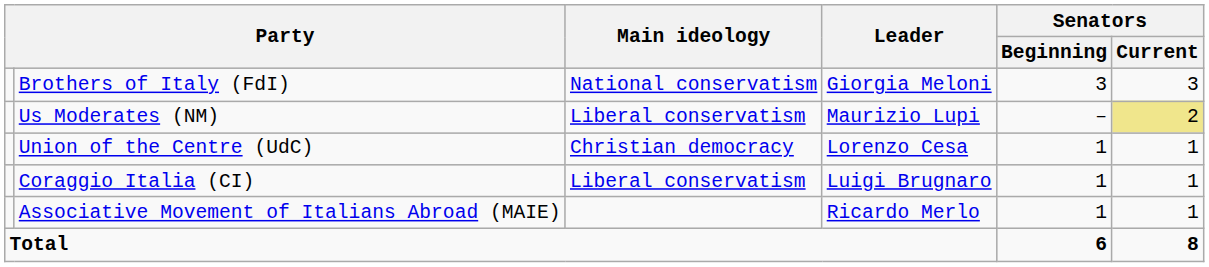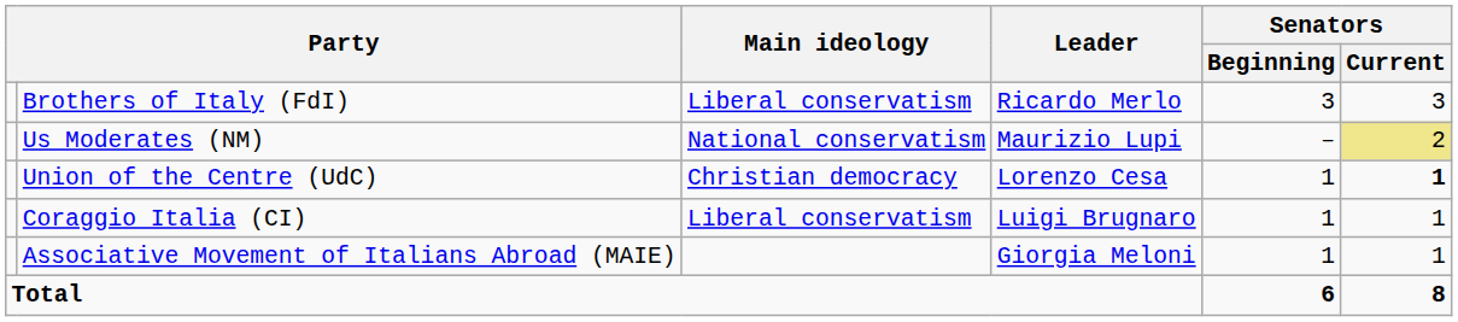 <table class="wikitable" style="font-size:100%">
 <tr>
 <th colspan="2" rowspan="2">Party</th>
 <th rowspan="2">Main ideology</th>
 <th rowspan="2">Leader</th>
 <th colspan="2">Senators</th>
 </tr>
 <tr>
 <th>Beginning</th>
 <th>Current</th>
 </tr>
 <tr>
 <td></td>
 <td><a href='#'>Brothers of Italy</a> (FdI)</td>
-<td><a href='#'>National conservatism</a></td>
-<td><a href='#'>Giorgia Meloni</a></td>
+<td><a href='#'>Liberal conservatism</a></td>
+<td><a href='#'>Ricardo Merlo</a></td>
 <td align="right">3</td>
 <td align="right">3</td>
 </tr>
 <tr>
 <td></td>
 <td><a href='#'>Us Moderates</a> (NM)</td>
-<td><a href='#'>Liberal conservatism</a></td>
+<td><a href='#'>National conservatism</a></td>
 <td><a href='#'>Maurizio Lupi</a></td>
 <td align="right">–</td>
 <td align="right" style="background: khaki;">2</td>
 </tr>
 <tr>
 <td></td>
 <td><a href='#'>Union of the Centre</a> (UdC)</td>
 <td><a href='#'>Christian democracy</a></td>
 <td><a href='#'>Lorenzo Cesa</a></td>
 <td align="right">1</td>
-<td align="right">1</td>
+<td align="right"><strong>1</strong></td>
 </tr>
 <tr>
 <td></td>
 <td><a href='#'>Coraggio Italia</a> (CI)</td>
 <td><a href='#'>Liberal conservatism</a></td>
 <td><a href='#'>Luigi Brugnaro</a></td>
 <td align="right">1</td>
 <td align="right">1</td>
 </tr>
 <tr>
 <td></td>
 <td><a href='#'>Associative Movement of Italians Abroad</a> (MAIE)</td>
 <td></td>
-<td><a href='#'>Ricardo Merlo</a></td>
+<td><a href='#'>Giorgia Meloni</a></td>
 <td align="right">1</td>
 <td align="right">1</td>
 </tr>
 <tr>
 <td colspan="4"><strong>Total</strong></td>
 <td align="right"><strong>6</strong></td>
 <td align="right"><strong>8</strong></td>
 </tr>
 </table>
